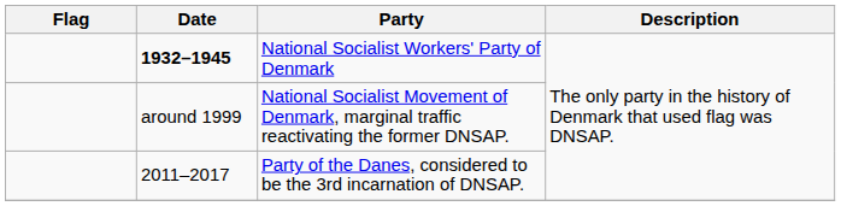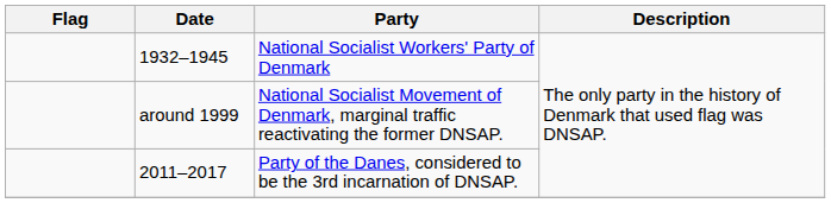 <table class="wikitable">
 <tr>
 <th style="width:110px;">Flag</th>
 <th style="width:100px;">Date</th>
 <th style="width:250px;">Party</th>
 <th style="width:250px;">Description</th>
 </tr>
 <tr>
 <td><br></td>
-<td><strong>1932–1945</strong></td>
+<td>1932–1945</td>
 <td><a href='#'>National Socialist Workers' Party of Denmark</a></td>
 <td rowspan="3">The only party in the history of Denmark that used flag was DNSAP.</td>
 </tr>
 <tr>
 <td></td>
 <td>around 1999</td>
 <td><a href='#'>National Socialist Movement of Denmark</a>, marginal traffic reactivating the former DNSAP.</td>
 </tr>
 <tr>
 <td></td>
 <td>2011–2017</td>
 <td><a href='#'>Party of the Danes</a>, considered to be the 3rd incarnation of DNSAP.</td>
 </tr>
 <tr>
 </tr>
 </table>
